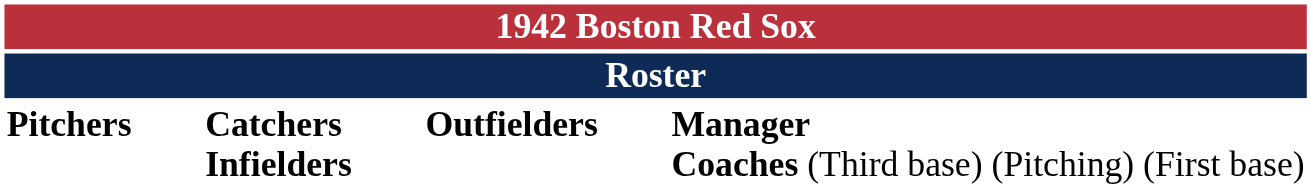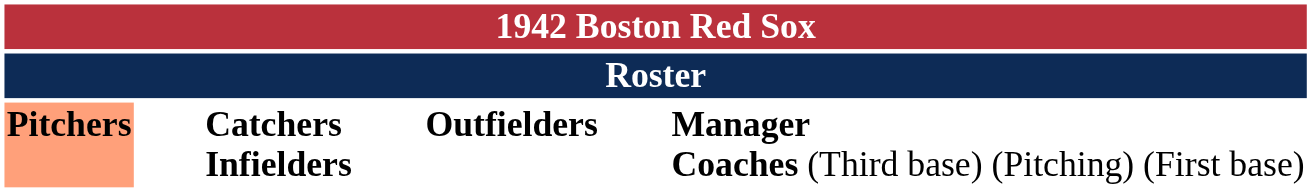 <table class="toccolours" style="text-align: left;">
 <tr>
 <th colspan="10" style="background-color: #ba313c; color: white; text-align: center;">1942 Boston Red Sox</th>
 </tr>
 <tr>
 <td colspan="10" style="background-color: #0d2b56; color: white; text-align: center;"><strong>Roster</strong></td>
 </tr>
 <tr>
-<td valign="top"><strong>Pitchers</strong><br>         </td>
+<td valign="top" style="background: lightsalmon;"><strong>Pitchers</strong><br>         </td>
 <td width="25px"></td>
 <td valign="top"><strong>Catchers</strong><br>  <strong>Infielders</strong>        </td>
 <td width="25px"></td>
 <td valign="top"><strong>Outfielders</strong><br>     </td>
 <td width="25px"></td>
 <td valign="top"><strong>Manager</strong><br> <strong>Coaches</strong>  (Third base)  (Pitching)  (First base)</td>
 </tr>
 <tr>
 </tr>
 </table>
